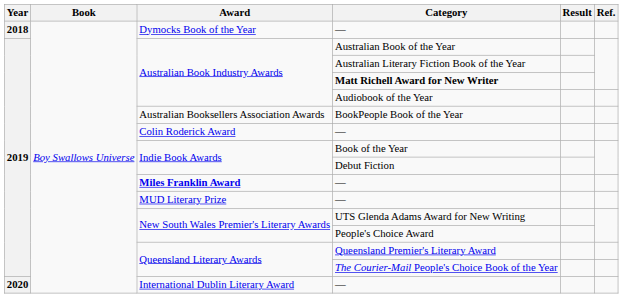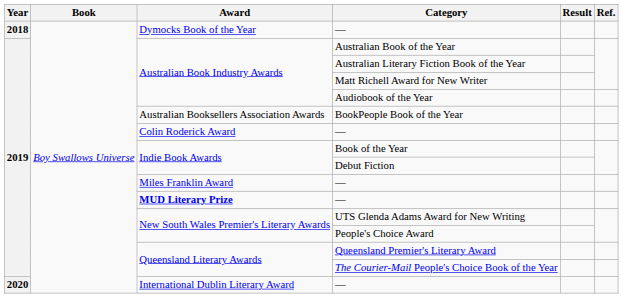 <table class="wikitable sortable">
 <tr>
 <th>Year</th>
 <th>Book</th>
 <th>Award</th>
 <th>Category</th>
 <th>Result</th>
 <th>Ref.</th>
 </tr>
 <tr>
 <th>2018</th>
 <td rowspan="16"><em><a href='#'>Boy Swallows Universe</a></em></td>
 <td><a href='#'>Dymocks Book of the Year</a></td>
 <td>—</td>
 <td></td>
 <td></td>
 </tr>
 <tr>
 <th rowspan="14">2019</th>
 <td rowspan="4"><a href='#'>Australian Book Industry Awards</a></td>
 <td>Australian Book of the Year</td>
 <td></td>
 <td rowspan="3"></td>
 </tr>
 <tr>
 <td>Australian Literary Fiction Book of the Year</td>
 <td></td>
 </tr>
 <tr>
-<td><strong>Matt Richell Award for New Writer</strong></td>
+<td>Matt Richell Award for New Writer</td>
 <td></td>
 </tr>
 <tr>
 <td>Audiobook of the Year</td>
 <td></td>
 <td></td>
 </tr>
 <tr>
 <td>Australian Booksellers Association Awards</td>
 <td>BookPeople Book of the Year</td>
 <td></td>
 <td></td>
 </tr>
 <tr>
 <td><a href='#'>Colin Roderick Award</a></td>
 <td>—</td>
 <td></td>
 <td></td>
 </tr>
 <tr>
 <td rowspan="2"><a href='#'>Indie Book Awards</a></td>
 <td>Book of the Year</td>
 <td></td>
 <td rowspan="2"></td>
 </tr>
 <tr>
 <td>Debut Fiction</td>
 <td></td>
 </tr>
 <tr>
-<td><strong><a href='#'>Miles Franklin Award</a></strong></td>
+<td><a href='#'>Miles Franklin Award</a></td>
 <td>—</td>
 <td></td>
 <td></td>
 </tr>
 <tr>
-<td><a href='#'>MUD Literary Prize</a></td>
+<td><strong><a href='#'>MUD Literary Prize</a></strong></td>
 <td>—</td>
 <td></td>
 <td></td>
 </tr>
 <tr>
 <td rowspan="2"><a href='#'>New South Wales Premier's Literary Awards</a></td>
 <td>UTS Glenda Adams Award for New Writing</td>
 <td></td>
 <td rowspan="2"></td>
 </tr>
 <tr>
 <td>People's Choice Award</td>
 <td></td>
 </tr>
 <tr>
 <td rowspan="2"><a href='#'>Queensland Literary Awards</a></td>
 <td><a href='#'>Queensland Premier's Literary Award</a></td>
 <td></td>
 <td></td>
 </tr>
 <tr>
 <td><a href='#'><em>The Courier-Mail</em> People's Choice Book of the Year</a></td>
 <td></td>
 <td></td>
 </tr>
 <tr>
 <th>2020</th>
 <td><a href='#'>International Dublin Literary Award</a></td>
 <td>—</td>
 <td></td>
 <td></td>
 </tr>
 </table>
